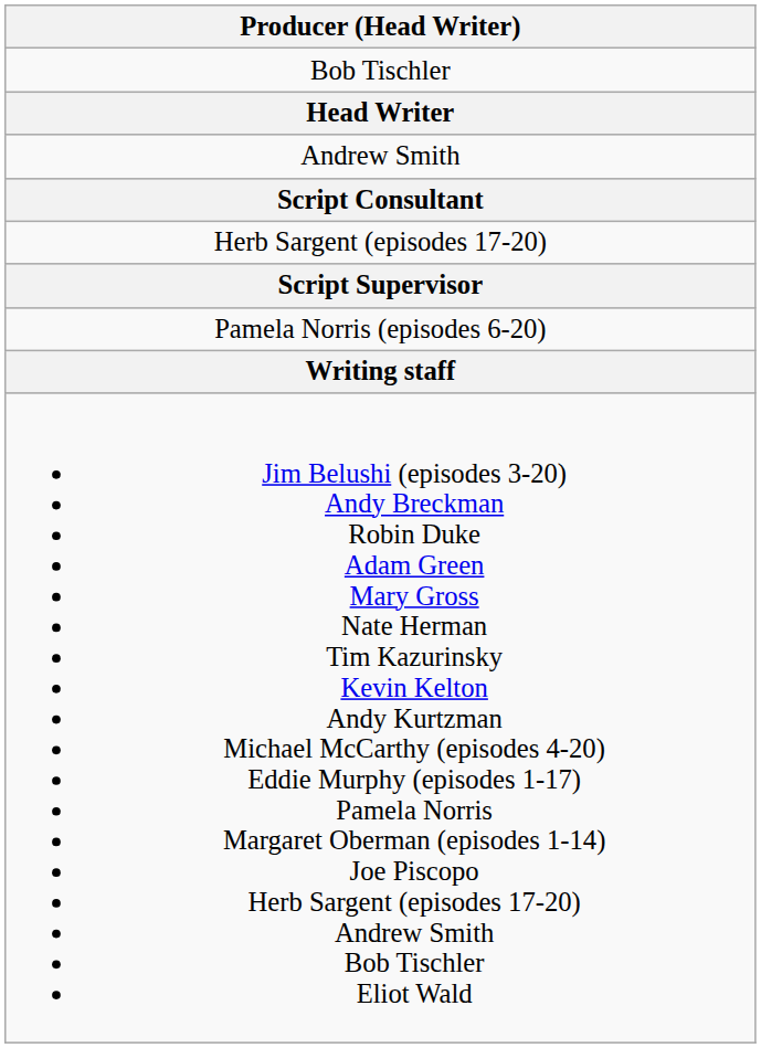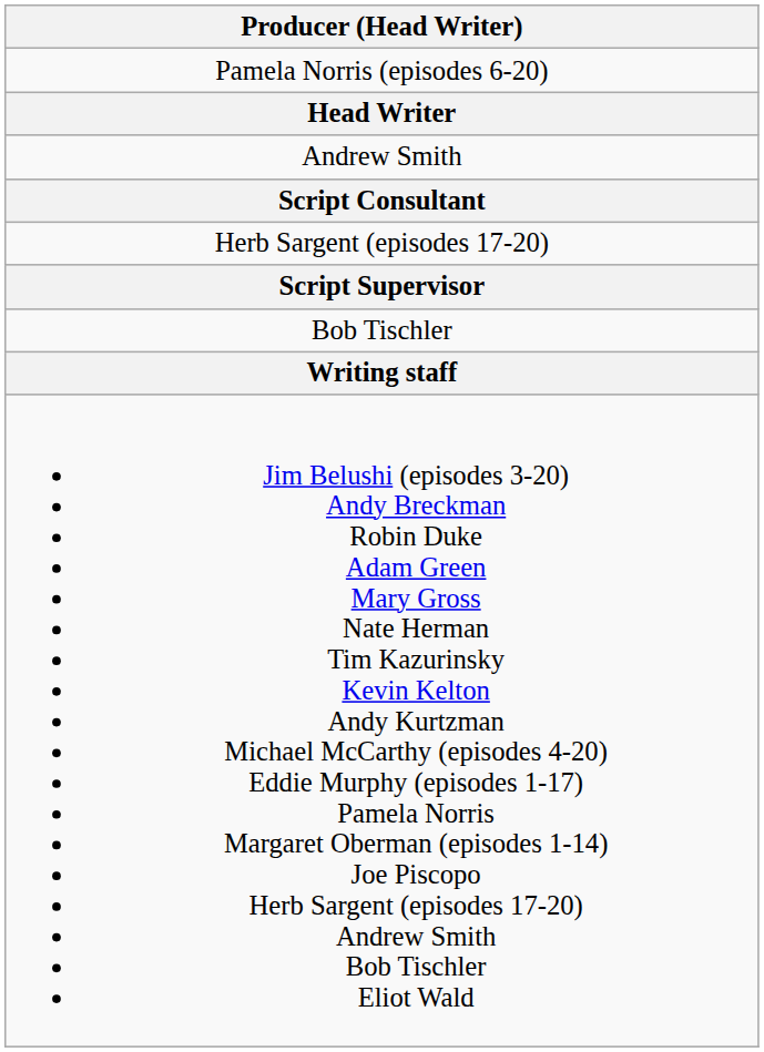 <table class="wikitable plainrowheaders"  style="text-align:center; width:50%;">
 <tr>
 <th><strong>Producer (Head Writer)</strong></th>
 </tr>
 <tr>
-<td>Bob Tischler</td>
+<td>Pamela Norris (episodes 6-20)</td>
 </tr>
 <tr>
 <th><strong>Head Writer</strong></th>
 </tr>
 <tr>
 <td>Andrew Smith</td>
 </tr>
 <tr>
 <th><strong>Script Consultant</strong></th>
 </tr>
 <tr>
 <td>Herb Sargent (episodes 17-20)</td>
 </tr>
 <tr>
 <th><strong>Script Supervisor</strong></th>
 </tr>
 <tr>
-<td>Pamela Norris (episodes 6-20)</td>
+<td>Bob Tischler</td>
 </tr>
 <tr>
 <th><strong>Writing staff</strong></th>
 </tr>
 <tr>
 <td><br><ul><li><a href='#'>Jim Belushi</a> (episodes 3-20)</li><li><a href='#'>Andy Breckman</a></li><li>Robin Duke</li><li><a href='#'>Adam Green</a></li><li><a href='#'>Mary Gross</a></li><li>Nate Herman</li><li>Tim Kazurinsky</li><li><a href='#'>Kevin Kelton</a></li><li>Andy Kurtzman</li><li>Michael McCarthy (episodes 4-20)</li><li>Eddie Murphy (episodes 1-17)</li><li>Pamela Norris</li><li>Margaret Oberman (episodes 1-14)</li><li>Joe Piscopo</li><li>Herb Sargent (episodes 17-20)</li><li>Andrew Smith</li><li>Bob Tischler</li><li>Eliot Wald</li></ul></td>
 </tr>
 </table>
